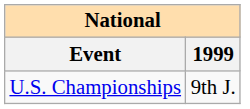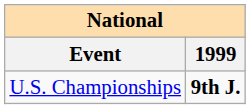 <table class="wikitable" style="text-align:center">
 <tr>
 <th style="background-color: #ffdead; " colspan=2 align=center><strong>National</strong></th>
 </tr>
 <tr>
 <th>Event</th>
 <th>1999</th>
 </tr>
 <tr>
 <td align=left><a href='#'>U.S. Championships</a></td>
-<td>9th J.</td>
+<td><strong>9th J.</strong></td>
 </tr>
 </table>
